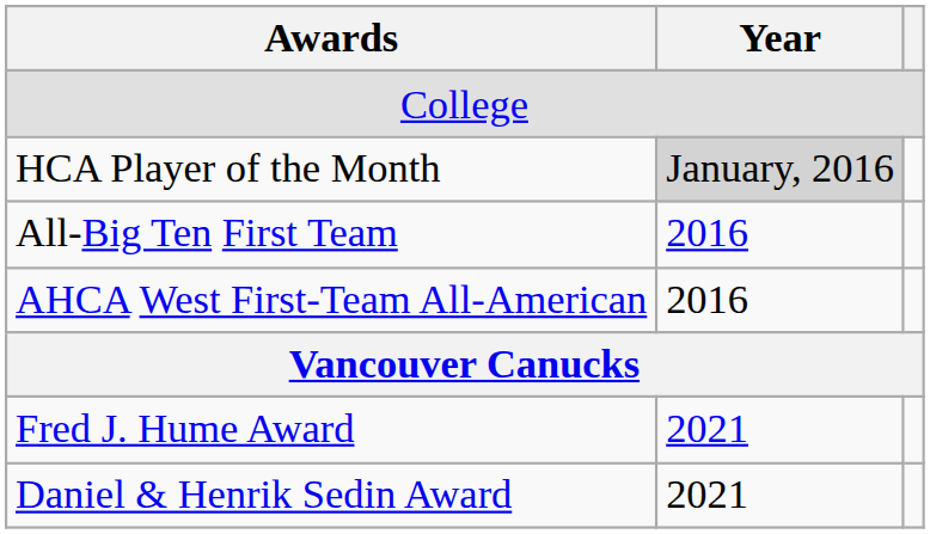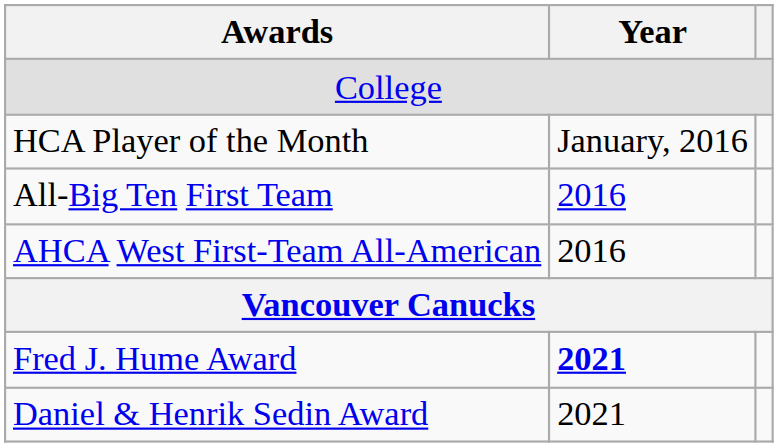 <table class="wikitable">
 <tr>
 <th>Awards</th>
 <th>Year</th>
 <th></th>
 </tr>
 <tr ALIGN="center" bgcolor="#e0e0e0">
 <td colspan="3"><a href='#'>College</a></td>
 </tr>
 <tr>
 <td>HCA Player of the Month</td>
-<td style="background: lightgrey;">January, 2016</td>
+<td>January, 2016</td>
 <td></td>
 </tr>
 <tr>
 <td>All-<a href='#'>Big Ten</a> <a href='#'>First Team</a></td>
 <td><a href='#'>2016</a></td>
 <td></td>
 </tr>
 <tr>
 <td><a href='#'>AHCA</a> <a href='#'>West First-Team All-American</a></td>
 <td>2016</td>
 <td></td>
 </tr>
 <tr ALIGN="center" bgcolor="#e0e0e0">
 <th colspan="3"><a href='#'>Vancouver Canucks</a></th>
 </tr>
 <tr>
 <td><a href='#'>Fred J. Hume Award</a></td>
-<td><a href='#'>2021</a></td>
+<td><strong><a href='#'>2021</a></strong></td>
 <td></td>
 </tr>
 <tr>
 <td><a href='#'>Daniel & Henrik Sedin Award</a></td>
 <td>2021</td>
 <td></td>
 </tr>
 </table>
